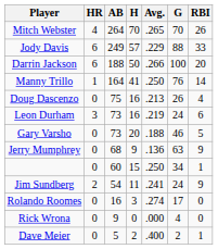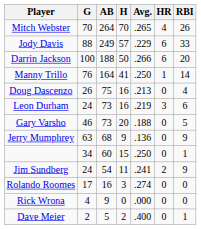 <table class="wikitable sortable" style="text-align:center">
 <tr>
 <th>Player</th>
-<th>HR</th>
+<th>G</th>
 <th>AB</th>
 <th>H</th>
 <th>Avg.</th>
-<th>G</th>
+<th>HR</th>
 <th>RBI</th>
 </tr>
 <tr>
 <td><a href='#'>Mitch Webster</a></td>
-<td>4</td>
+<td>70</td>
 <td>264</td>
 <td>70</td>
 <td>.265</td>
-<td>70</td>
+<td>4</td>
 <td>26</td>
 </tr>
 <tr>
 <td><a href='#'>Jody Davis</a></td>
-<td>6</td>
+<td>88</td>
 <td>249</td>
 <td>57</td>
 <td>.229</td>
-<td>88</td>
+<td>6</td>
 <td>33</td>
 </tr>
 <tr>
 <td><a href='#'>Darrin Jackson</a></td>
-<td>6</td>
+<td>100</td>
 <td>188</td>
 <td>50</td>
 <td>.266</td>
-<td>100</td>
+<td>6</td>
 <td>20</td>
 </tr>
 <tr>
 <td><a href='#'>Manny Trillo</a></td>
-<td>1</td>
+<td>76</td>
 <td>164</td>
 <td>41</td>
 <td>.250</td>
-<td>76</td>
+<td>1</td>
 <td>14</td>
 </tr>
 <tr>
 <td><a href='#'>Doug Dascenzo</a></td>
-<td>0</td>
+<td>26</td>
 <td>75</td>
 <td>16</td>
 <td>.213</td>
-<td>26</td>
+<td>0</td>
 <td>4</td>
 </tr>
 <tr>
 <td><a href='#'>Leon Durham</a></td>
-<td>3</td>
+<td>24</td>
 <td>73</td>
 <td>16</td>
 <td>.219</td>
-<td>24</td>
+<td>3</td>
 <td>6</td>
 </tr>
 <tr>
 <td><a href='#'>Gary Varsho</a></td>
-<td>0</td>
+<td>46</td>
 <td>73</td>
 <td>20</td>
 <td>.188</td>
-<td>46</td>
+<td>0</td>
 <td>5</td>
 </tr>
 <tr>
 <td><a href='#'>Jerry Mumphrey</a></td>
-<td>0</td>
+<td>63</td>
 <td>68</td>
 <td>9</td>
 <td>.136</td>
-<td>63</td>
+<td>0</td>
 <td>9</td>
 </tr>
 <tr>
 <td></td>
-<td>0</td>
+<td>34</td>
 <td>60</td>
 <td>15</td>
 <td>.250</td>
-<td>34</td>
+<td>0</td>
 <td>1</td>
 </tr>
 <tr>
 <td><a href='#'>Jim Sundberg</a></td>
-<td>2</td>
+<td>24</td>
 <td>54</td>
 <td>11</td>
 <td>.241</td>
-<td>24</td>
+<td>2</td>
 <td>9</td>
 </tr>
 <tr>
 <td><a href='#'>Rolando Roomes</a></td>
-<td>0</td>
+<td>17</td>
 <td>16</td>
 <td>3</td>
 <td>.274</td>
-<td>17</td>
+<td>0</td>
 <td>0</td>
 </tr>
 <tr>
 <td><a href='#'>Rick Wrona</a></td>
-<td>0</td>
+<td>4</td>
 <td>9</td>
 <td>0</td>
 <td>.000</td>
-<td>4</td>
+<td>0</td>
 <td>0</td>
 </tr>
 <tr>
 <td><a href='#'>Dave Meier</a></td>
-<td>0</td>
+<td>2</td>
 <td>5</td>
 <td>2</td>
 <td>.400</td>
-<td>2</td>
+<td>0</td>
 <td>1</td>
 </tr>
 </table>
